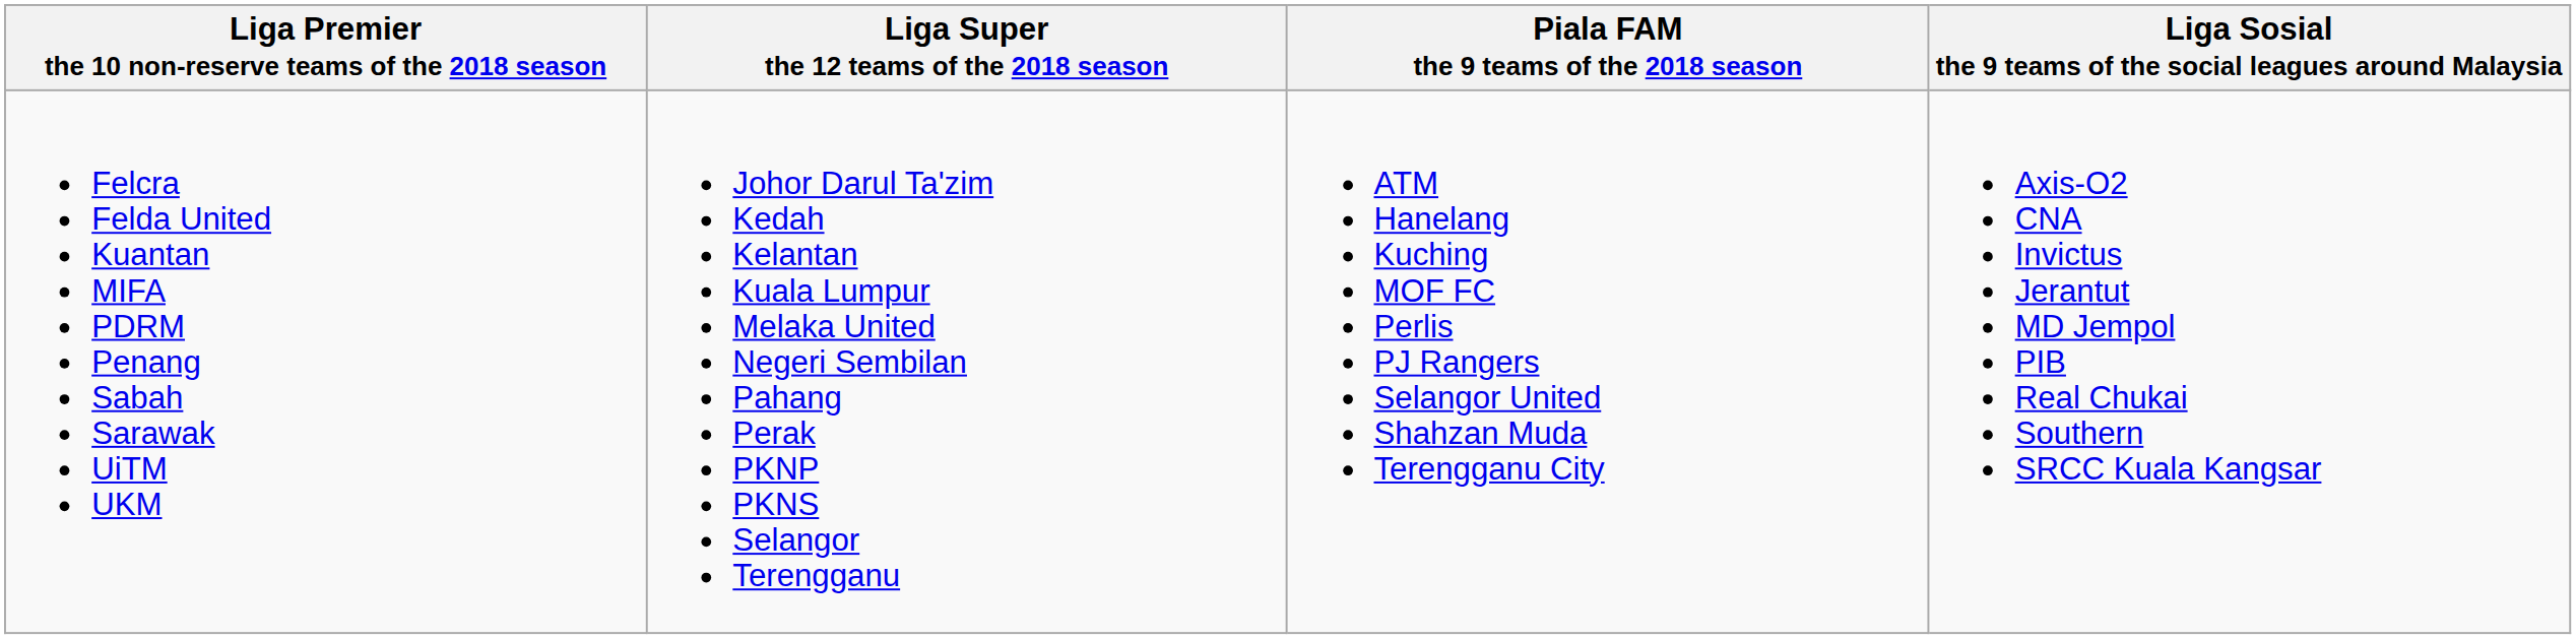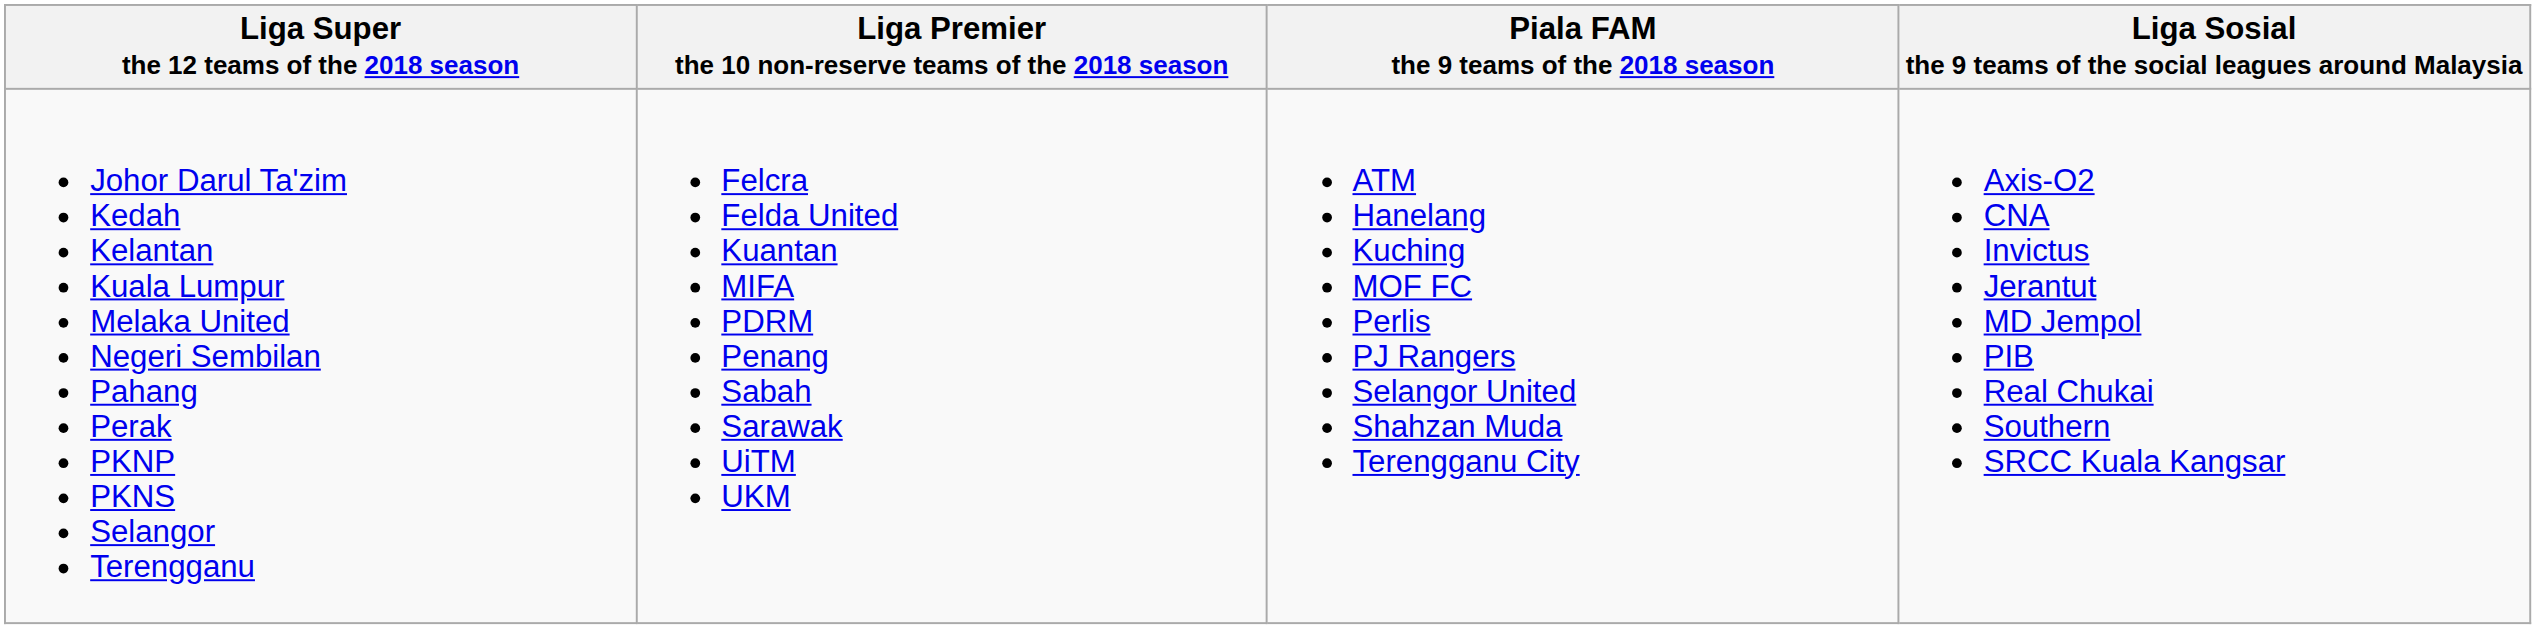 <table class="wikitable">
 <tr>
+<th style="width:25%"><strong>Liga Super</strong><br><small>the 12 teams of the <a href='#'>2018 season</a></small></th>
 <th style="width:25%"><strong>Liga Premier</strong><br><small>the 10 non-reserve teams of the <a href='#'>2018 season</a></small></th>
-<th style="width:25%"><strong>Liga Super</strong><br><small>the 12 teams of the <a href='#'>2018 season</a></small></th>
 <th style="width:25%"><strong>Piala FAM</strong><br><small>the 9 teams of the <a href='#'>2018 season</a></small></th>
 <th style="width:25%"><strong>Liga Sosial</strong><br><small>the 9 teams of the social leagues around Malaysia</small></th>
 </tr>
 <tr style="vertical-align:top">
+<td><br><ul><li><a href='#'>Johor Darul Ta'zim</a></li><li><a href='#'>Kedah</a></li><li><a href='#'>Kelantan</a></li><li><a href='#'>Kuala Lumpur</a></li><li><a href='#'>Melaka United</a></li><li><a href='#'>Negeri Sembilan</a></li><li><a href='#'>Pahang</a></li><li><a href='#'>Perak</a></li><li><a href='#'>PKNP</a></li><li><a href='#'>PKNS</a></li><li><a href='#'>Selangor</a></li><li><a href='#'>Terengganu</a></li></ul></td>
 <td><br><ul><li><a href='#'>Felcra</a></li><li><a href='#'>Felda United</a></li><li><a href='#'>Kuantan</a></li><li><a href='#'>MIFA</a></li><li><a href='#'>PDRM</a></li><li><a href='#'>Penang</a></li><li><a href='#'>Sabah</a></li><li><a href='#'>Sarawak</a></li><li><a href='#'>UiTM</a></li><li><a href='#'>UKM</a></li></ul></td>
-<td><br><ul><li><a href='#'>Johor Darul Ta'zim</a></li><li><a href='#'>Kedah</a></li><li><a href='#'>Kelantan</a></li><li><a href='#'>Kuala Lumpur</a></li><li><a href='#'>Melaka United</a></li><li><a href='#'>Negeri Sembilan</a></li><li><a href='#'>Pahang</a></li><li><a href='#'>Perak</a></li><li><a href='#'>PKNP</a></li><li><a href='#'>PKNS</a></li><li><a href='#'>Selangor</a></li><li><a href='#'>Terengganu</a></li></ul></td>
 <td><br><ul><li><a href='#'>ATM</a></li><li><a href='#'>Hanelang</a></li><li><a href='#'>Kuching</a></li><li><a href='#'>MOF FC</a></li><li><a href='#'>Perlis</a></li><li><a href='#'>PJ Rangers</a></li><li><a href='#'>Selangor United</a></li><li><a href='#'>Shahzan Muda</a></li><li><a href='#'>Terengganu City</a></li></ul></td>
 <td><br><ul><li><a href='#'>Axis-O2</a></li><li><a href='#'>CNA</a></li><li><a href='#'>Invictus</a></li><li><a href='#'>Jerantut</a></li><li><a href='#'>MD Jempol</a></li><li><a href='#'>PIB</a></li><li><a href='#'>Real Chukai</a></li><li><a href='#'>Southern</a></li><li><a href='#'>SRCC Kuala Kangsar</a></li></ul></td>
 </tr>
 </table>
